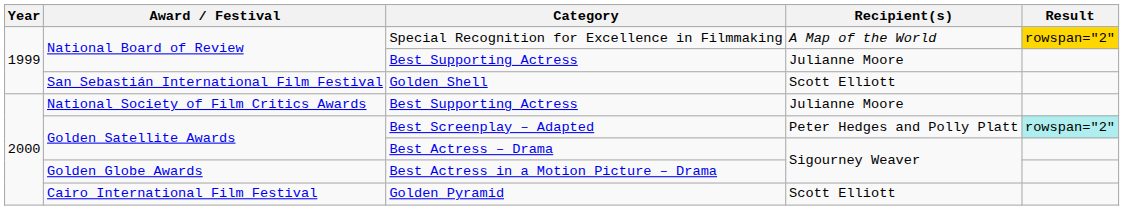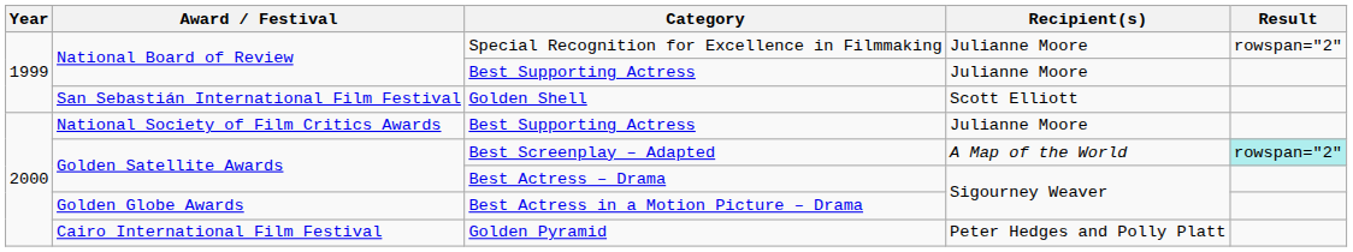 <table class = "wikitable sortable">
 <tr>
 <th>Year</th>
 <th>Award / Festival</th>
 <th>Category</th>
 <th>Recipient(s)</th>
 <th>Result</th>
 </tr>
 <tr>
 <td rowspan="3">1999</td>
 <td rowspan="2"><a href='#'>National Board of Review</a></td>
 <td>Special Recognition for Excellence in Filmmaking</td>
-<td><em>A Map of the World</em></td>
-<td style="background: gold;">rowspan="2" </td>
+<td>Julianne Moore<br></td>
+<td>rowspan="2" </td>
 </tr>
 <tr>
 <td><a href='#'>Best Supporting Actress</a></td>
 <td>Julianne Moore<br></td>
 </tr>
 <tr>
 <td><a href='#'>San Sebastián International Film Festival</a></td>
 <td><a href='#'>Golden Shell</a></td>
 <td>Scott Elliott</td>
 <td></td>
 </tr>
 <tr>
 <td rowspan="5">2000</td>
 <td><a href='#'>National Society of Film Critics Awards</a></td>
 <td><a href='#'>Best Supporting Actress</a></td>
 <td>Julianne Moore<br></td>
 <td></td>
 </tr>
 <tr>
 <td rowspan="2"><a href='#'>Golden Satellite Awards</a></td>
 <td><a href='#'>Best Screenplay – Adapted</a></td>
-<td>Peter Hedges and Polly Platt</td>
+<td><em>A Map of the World</em></td>
 <td style="background: paleturquoise;">rowspan="2" </td>
 </tr>
 <tr>
 <td><a href='#'>Best Actress – Drama</a></td>
 <td rowspan="2">Sigourney Weaver</td>
 </tr>
 <tr>
 <td><a href='#'>Golden Globe Awards</a></td>
 <td><a href='#'>Best Actress in a Motion Picture – Drama</a></td>
 <td></td>
 </tr>
 <tr>
 <td><a href='#'>Cairo International Film Festival</a></td>
 <td><a href='#'>Golden Pyramid</a></td>
-<td>Scott Elliott</td>
+<td>Peter Hedges and Polly Platt</td>
 <td></td>
 </tr>
 </table>
